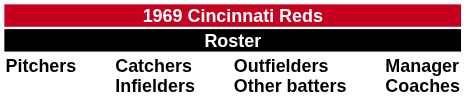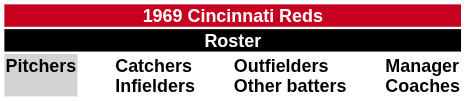 <table class="toccolours" style="font-size: 95%;">
 <tr>
 <th colspan="10" style="background-color: #c6011f; color: white; text-align: center;">1969 Cincinnati Reds</th>
 </tr>
 <tr>
 <td colspan="10" style="background-color: black; color: white; text-align: center;"><strong>Roster</strong></td>
 </tr>
 <tr>
-<td valign="top"><strong>Pitchers</strong><br>                </td>
+<td valign="top" style="background: lightgrey;"><strong>Pitchers</strong><br>                </td>
 <td width="25px"></td>
 <td valign="top"><strong>Catchers</strong><br>   <strong>Infielders</strong>       </td>
 <td width="25px"></td>
 <td valign="top"><strong>Outfielders</strong><br>      <strong>Other batters</strong>   </td>
 <td width="25px"></td>
 <td valign="top"><strong>Manager</strong><br> <strong>Coaches</strong>    </td>
 </tr>
 </table>
